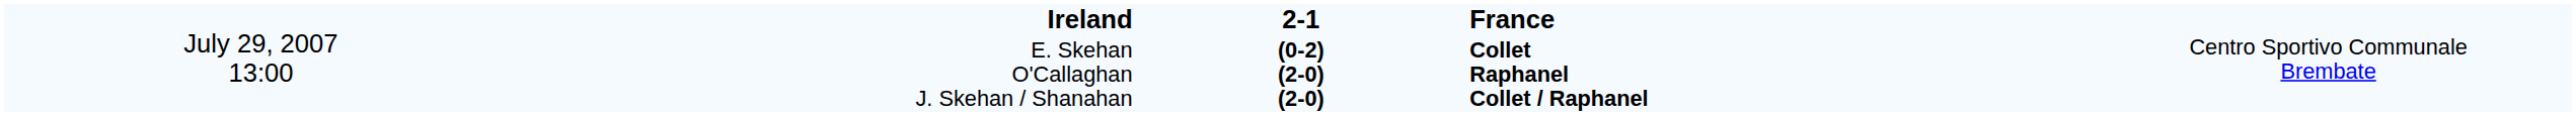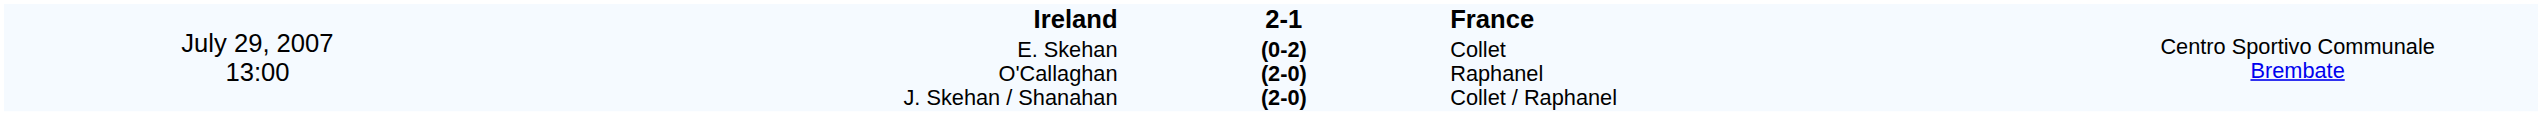 <table style="width: 100%; background:#F5FAFF;" cellspacing="0">
 <tr>
 <td align=center rowspan=3 width=20%>July 29, 2007<br>13:00</td>
 </tr>
 <tr>
 <td width=24% align=right><strong>Ireland</strong></td>
 <td align=center width=13%><strong>2-1</strong></td>
 <td width=24%><strong>France</strong></td>
 <td style=font-size:85% rowspan=3 valign=middle align=center>Centro Sportivo Communale<br><a href='#'>Brembate</a></td>
 </tr>
 <tr style=font-size:85%>
 <td align=right valign=top>E. Skehan<br>O'Callaghan<br>J. Skehan / Shanahan</td>
 <td align=center><strong>(0-2)<br>(2-0)<br>(2-0)</strong></td>
-<td><strong>Collet<br>Raphanel<br>Collet / Raphanel</strong></td>
+<td>Collet<br>Raphanel<br>Collet / Raphanel</td>
 </tr>
 </table>
